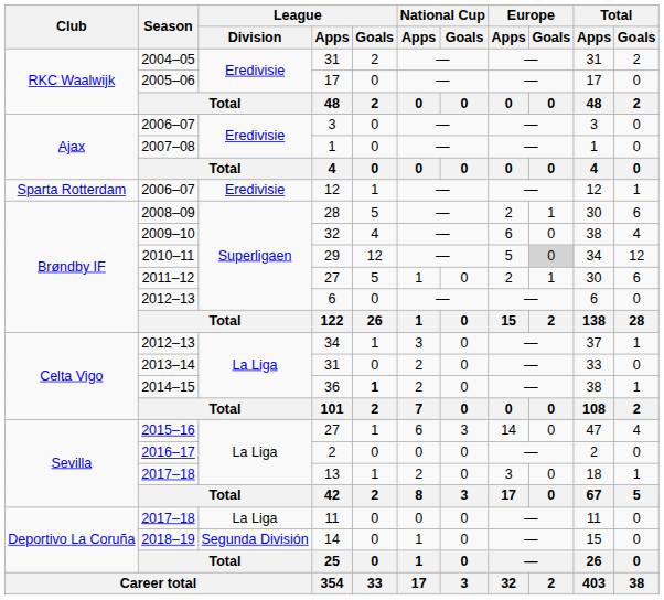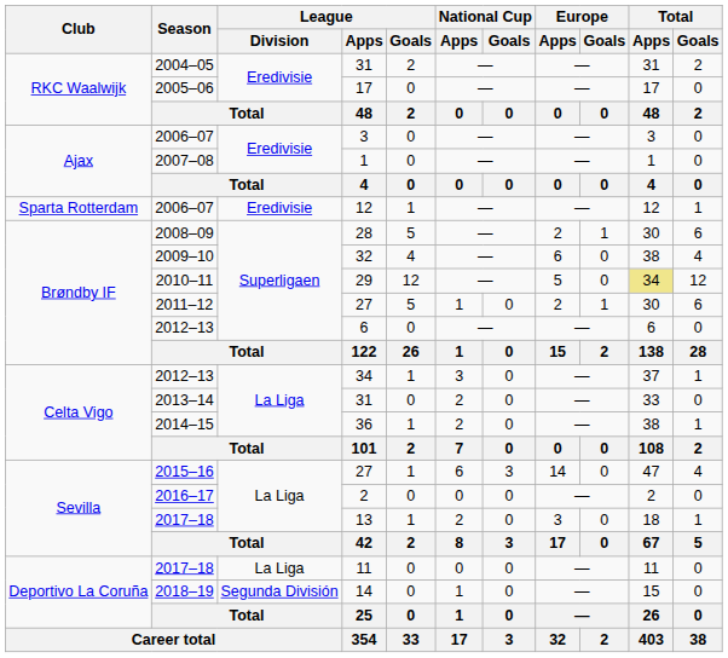 <table class="wikitable" style="text-align:center">
 <tr>
 <th rowspan=2>Club</th>
 <th rowspan=2>Season</th>
 <th colspan=3>League</th>
 <th colspan=2>National Cup</th>
 <th colspan=2>Europe</th>
 <th colspan=2>Total</th>
 </tr>
 <tr>
 <th>Division</th>
 <th>Apps</th>
 <th>Goals</th>
 <th>Apps</th>
 <th>Goals</th>
 <th>Apps</th>
 <th>Goals</th>
 <th>Apps</th>
 <th>Goals</th>
 </tr>
 <tr>
 <td rowspan=3><a href='#'>RKC Waalwijk</a></td>
 <td>2004–05</td>
 <td rowspan=2><a href='#'>Eredivisie</a></td>
 <td>31</td>
 <td>2</td>
 <td colspan=2>—</td>
 <td colspan=2>—</td>
 <td>31</td>
 <td>2</td>
 </tr>
 <tr>
 <td>2005–06</td>
 <td>17</td>
 <td>0</td>
 <td colspan=2>—</td>
 <td colspan=2>—</td>
 <td>17</td>
 <td>0</td>
 </tr>
 <tr>
 <th colspan=2>Total</th>
 <th>48</th>
 <th>2</th>
 <th>0</th>
 <th>0</th>
 <th>0</th>
 <th>0</th>
 <th>48</th>
 <th>2</th>
 </tr>
 <tr>
 <td rowspan=3><a href='#'>Ajax</a></td>
 <td>2006–07</td>
 <td rowspan=2><a href='#'>Eredivisie</a></td>
 <td>3</td>
 <td>0</td>
 <td colspan=2>—</td>
 <td colspan=2>—</td>
 <td>3</td>
 <td>0</td>
 </tr>
 <tr>
 <td>2007–08</td>
 <td>1</td>
 <td>0</td>
 <td colspan=2>—</td>
 <td colspan=2>—</td>
 <td>1</td>
 <td>0</td>
 </tr>
 <tr>
 <th colspan=2>Total</th>
 <th>4</th>
 <th>0</th>
 <th>0</th>
 <th>0</th>
 <th>0</th>
 <th>0</th>
 <th>4</th>
 <th>0</th>
 </tr>
 <tr>
 <td><a href='#'>Sparta Rotterdam</a></td>
 <td>2006–07</td>
 <td><a href='#'>Eredivisie</a></td>
 <td>12</td>
 <td>1</td>
 <td colspan=2>—</td>
 <td colspan=2>—</td>
 <td>12</td>
 <td>1</td>
 </tr>
 <tr>
 <td rowspan=6><a href='#'>Brøndby IF</a></td>
 <td>2008–09</td>
 <td rowspan=5><a href='#'>Superligaen</a></td>
 <td>28</td>
 <td>5</td>
 <td colspan=2>—</td>
 <td>2</td>
 <td>1</td>
 <td>30</td>
 <td>6</td>
 </tr>
 <tr>
 <td>2009–10</td>
 <td>32</td>
 <td>4</td>
 <td colspan=2>—</td>
 <td>6</td>
 <td>0</td>
 <td>38</td>
 <td>4</td>
 </tr>
 <tr colspan=2|–>
 <td>2010–11</td>
 <td>29</td>
 <td>12</td>
 <td colspan=2>—</td>
 <td>5</td>
-<td style="background: lightgrey;">0</td>
-<td>34</td>
+<td>0</td>
+<td style="background: khaki;">34</td>
 <td>12</td>
 </tr>
 <tr>
 <td>2011–12</td>
 <td>27</td>
 <td>5</td>
 <td>1</td>
 <td>0</td>
 <td>2</td>
 <td>1</td>
 <td>30</td>
 <td>6</td>
 </tr>
 <tr>
 <td>2012–13</td>
 <td>6</td>
 <td>0</td>
 <td colspan=2>—</td>
 <td colspan=2>—</td>
 <td>6</td>
 <td>0</td>
 </tr>
 <tr>
 <th colspan=2>Total</th>
 <th>122</th>
 <th>26</th>
 <th>1</th>
 <th>0</th>
 <th>15</th>
 <th>2</th>
 <th>138</th>
 <th>28</th>
 </tr>
 <tr>
 <td rowspan=4><a href='#'>Celta Vigo</a></td>
 <td>2012–13</td>
 <td rowspan=3><a href='#'>La Liga</a></td>
 <td>34</td>
 <td>1</td>
 <td>3</td>
 <td>0</td>
 <td colspan=2>—</td>
 <td>37</td>
 <td>1</td>
 </tr>
 <tr>
 <td>2013–14</td>
 <td>31</td>
 <td>0</td>
 <td>2</td>
 <td>0</td>
 <td colspan=2>—</td>
 <td>33</td>
 <td>0</td>
 </tr>
 <tr>
 <td>2014–15</td>
 <td>36</td>
-<td><strong>1</strong></td>
+<td>1</td>
 <td>2</td>
 <td>0</td>
 <td colspan=2>—</td>
 <td>38</td>
 <td>1</td>
 </tr>
 <tr>
 <th colspan=2>Total</th>
 <th>101</th>
 <th>2</th>
 <th>7</th>
 <th>0</th>
 <th>0</th>
 <th>0</th>
 <th>108</th>
 <th>2</th>
 </tr>
 <tr>
 <td rowspan=4><a href='#'>Sevilla</a></td>
 <td><a href='#'>2015–16</a></td>
 <td rowspan=3>La Liga</td>
 <td>27</td>
 <td>1</td>
 <td>6</td>
 <td>3</td>
 <td>14</td>
 <td>0</td>
 <td>47</td>
 <td>4</td>
 </tr>
 <tr>
 <td><a href='#'>2016–17</a></td>
 <td>2</td>
 <td>0</td>
 <td>0</td>
 <td>0</td>
 <td colspan=2>—</td>
 <td>2</td>
 <td>0</td>
 </tr>
 <tr>
 <td><a href='#'>2017–18</a></td>
 <td>13</td>
 <td>1</td>
 <td>2</td>
 <td>0</td>
 <td>3</td>
 <td>0</td>
 <td>18</td>
 <td>1</td>
 </tr>
 <tr>
 <th colspan=2>Total</th>
 <th>42</th>
 <th>2</th>
 <th>8</th>
 <th>3</th>
 <th>17</th>
 <th>0</th>
 <th>67</th>
 <th>5</th>
 </tr>
 <tr>
 <td rowspan=3><a href='#'>Deportivo La Coruña</a></td>
 <td><a href='#'>2017–18</a></td>
 <td>La Liga</td>
 <td>11</td>
 <td>0</td>
 <td>0</td>
 <td>0</td>
 <td colspan=2>—</td>
 <td>11</td>
 <td>0</td>
 </tr>
 <tr>
 <td><a href='#'>2018–19</a></td>
 <td><a href='#'>Segunda División</a></td>
 <td>14</td>
 <td>0</td>
 <td>1</td>
 <td>0</td>
 <td colspan=2>—</td>
 <td>15</td>
 <td>0</td>
 </tr>
 <tr>
 <th colspan=2>Total</th>
 <th>25</th>
 <th>0</th>
 <th>1</th>
 <th>0</th>
 <th colspan=2>—</th>
 <th>26</th>
 <th>0</th>
 </tr>
 <tr>
 <th colspan=3>Career total</th>
 <th>354</th>
 <th>33</th>
 <th>17</th>
 <th>3</th>
 <th>32</th>
 <th>2</th>
 <th>403</th>
 <th>38</th>
 </tr>
 </table>
